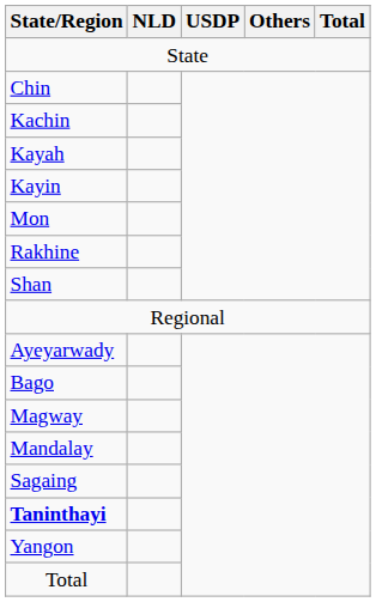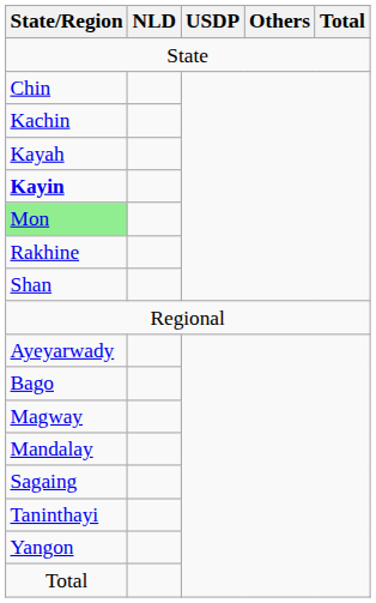 <table class="wikitable sortable">
 <tr>
 <th>State/Region</th>
 <th>NLD</th>
 <th>USDP</th>
 <th>Others</th>
 <th>Total</th>
 </tr>
 <tr>
 <td colspan=5 align=center>State</td>
 </tr>
 <tr>
 <td><a href='#'>Chin</a></td>
 <td></td>
 </tr>
 <tr>
 <td><a href='#'>Kachin</a></td>
 <td></td>
 </tr>
 <tr>
 <td><a href='#'>Kayah</a></td>
 <td></td>
 </tr>
 <tr>
-<td><a href='#'>Kayin</a></td>
+<td><strong><a href='#'>Kayin</a></strong></td>
 <td></td>
 </tr>
 <tr>
-<td><a href='#'>Mon</a></td>
+<td style="background: lightgreen;"><a href='#'>Mon</a></td>
 <td></td>
 </tr>
 <tr>
 <td><a href='#'>Rakhine</a></td>
 <td></td>
 </tr>
 <tr>
 <td><a href='#'>Shan</a></td>
 <td></td>
 </tr>
 <tr>
 <td colspan=5 align=center>Regional</td>
 </tr>
 <tr>
 <td><a href='#'>Ayeyarwady</a></td>
 <td></td>
 </tr>
 <tr>
 <td><a href='#'>Bago</a></td>
 <td></td>
 </tr>
 <tr>
 <td><a href='#'>Magway</a></td>
 <td></td>
 </tr>
 <tr>
 <td><a href='#'>Mandalay</a></td>
 <td></td>
 </tr>
 <tr>
 <td><a href='#'>Sagaing</a></td>
 <td></td>
 </tr>
 <tr>
-<td><strong><a href='#'>Taninthayi</a></strong></td>
+<td><a href='#'>Taninthayi</a></td>
 <td></td>
 </tr>
 <tr>
 <td><a href='#'>Yangon</a></td>
 <td></td>
 </tr>
 <tr>
 <td align=center>Total</td>
 <td></td>
 </tr>
 </table>
